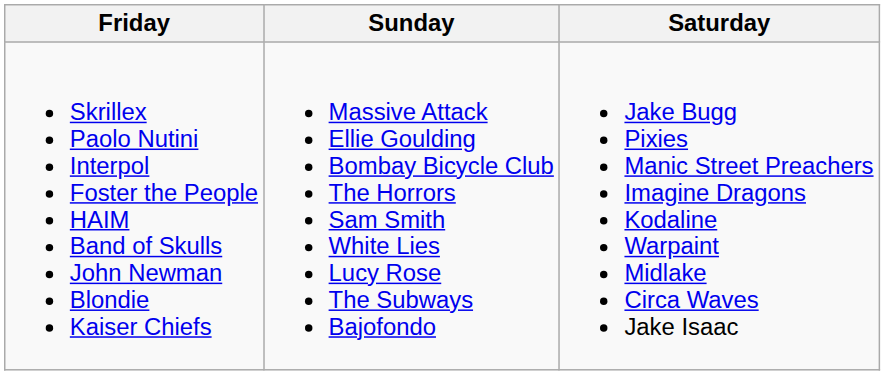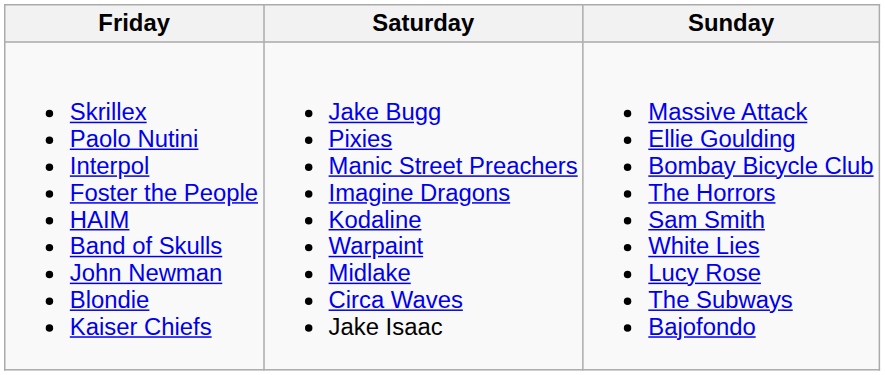 <table class="wikitable">
 <tr>
 <th>Friday</th>
+<th>Saturday</th>
 <th>Sunday</th>
-<th>Saturday</th>
 </tr>
 <tr valign="top">
 <td><br><ul><li><a href='#'>Skrillex</a></li><li><a href='#'>Paolo Nutini</a></li><li><a href='#'>Interpol</a></li><li><a href='#'>Foster the People</a></li><li><a href='#'>HAIM</a></li><li><a href='#'>Band of Skulls</a></li><li><a href='#'>John Newman</a></li><li><a href='#'>Blondie</a></li><li><a href='#'>Kaiser Chiefs</a></li></ul></td>
+<td><br><ul><li><a href='#'>Jake Bugg</a></li><li><a href='#'>Pixies</a></li><li><a href='#'>Manic Street Preachers</a></li><li><a href='#'>Imagine Dragons</a></li><li><a href='#'>Kodaline</a></li><li><a href='#'>Warpaint</a></li><li><a href='#'>Midlake</a></li><li><a href='#'>Circa Waves</a></li><li>Jake Isaac</li></ul></td>
 <td><br><ul><li><a href='#'>Massive Attack</a></li><li><a href='#'>Ellie Goulding</a></li><li><a href='#'>Bombay Bicycle Club</a></li><li><a href='#'>The Horrors</a></li><li><a href='#'>Sam Smith</a></li><li><a href='#'>White Lies</a></li><li><a href='#'>Lucy Rose</a></li><li><a href='#'>The Subways</a></li><li><a href='#'>Bajofondo</a></li></ul></td>
-<td><br><ul><li><a href='#'>Jake Bugg</a></li><li><a href='#'>Pixies</a></li><li><a href='#'>Manic Street Preachers</a></li><li><a href='#'>Imagine Dragons</a></li><li><a href='#'>Kodaline</a></li><li><a href='#'>Warpaint</a></li><li><a href='#'>Midlake</a></li><li><a href='#'>Circa Waves</a></li><li>Jake Isaac</li></ul></td>
 </tr>
 </table>
